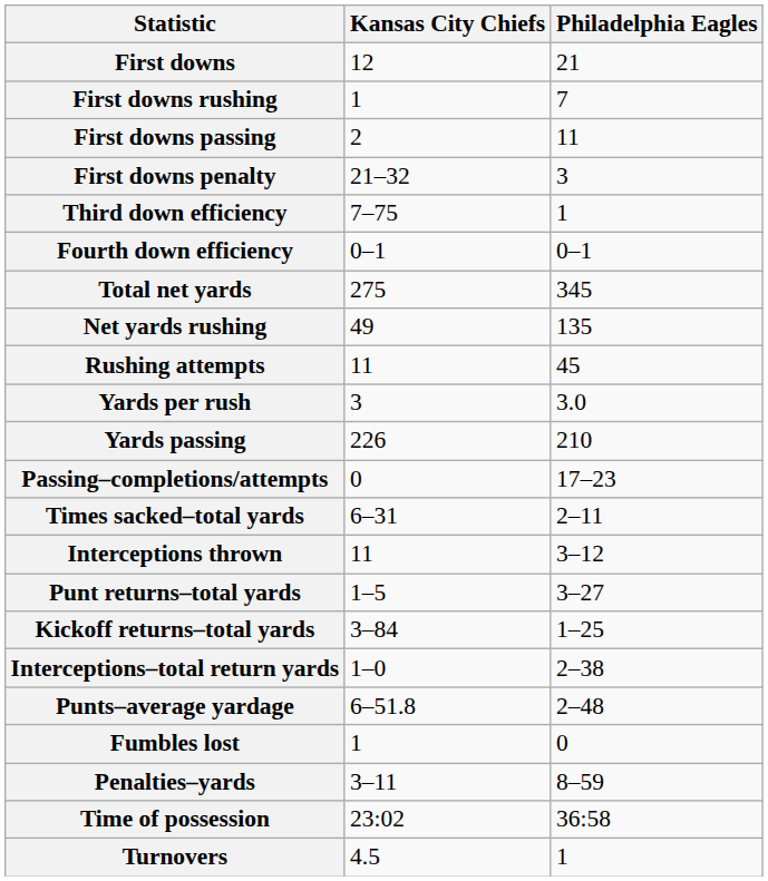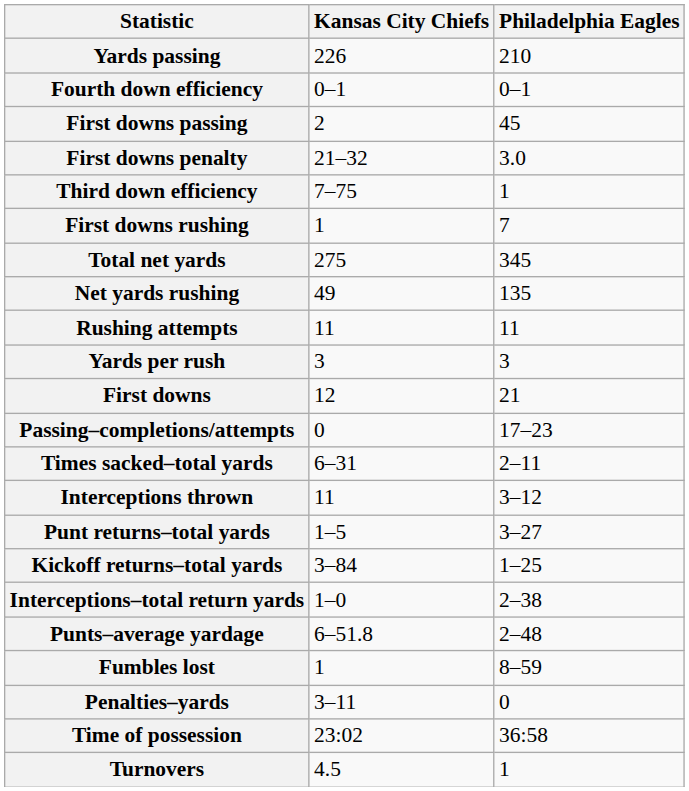 <table class="wikitable plainrowheaders">
 <tr>
 <th scope="col">Statistic</th>
 <th scope="col">Kansas City Chiefs</th>
 <th scope="col">Philadelphia Eagles</th>
 </tr>
 <tr>
-<th scope="row">First downs</th>
-<td>12</td>
-<td>21</td>
+<th scope="row">Yards passing</th>
+<td>226</td>
+<td>210</td>
 </tr>
 <tr>
-<th scope="row">First downs rushing</th>
-<td>1</td>
-<td>7</td>
+<th scope="row">Fourth down efficiency</th>
+<td>0–1</td>
+<td>0–1</td>
 </tr>
 <tr>
 <th scope="row">First downs passing</th>
 <td>2</td>
-<td>11</td>
+<td>45</td>
 </tr>
 <tr>
 <th scope="row">First downs penalty</th>
 <td>21–32</td>
-<td>3</td>
+<td>3.0</td>
 </tr>
 <tr>
 <th scope="row">Third down efficiency</th>
 <td>7–75</td>
 <td>1</td>
 </tr>
 <tr>
-<th scope="row">Fourth down efficiency</th>
-<td>0–1</td>
-<td>0–1</td>
+<th scope="row">First downs rushing</th>
+<td>1</td>
+<td>7</td>
 </tr>
 <tr>
 <th scope="row">Total net yards</th>
 <td>275</td>
 <td>345</td>
 </tr>
 <tr>
 <th scope="row">Net yards rushing</th>
 <td>49</td>
 <td>135</td>
 </tr>
 <tr>
 <th scope="row">Rushing attempts</th>
 <td>11</td>
-<td>45</td>
+<td>11</td>
 </tr>
 <tr>
 <th scope="row">Yards per rush</th>
 <td>3</td>
-<td>3.0</td>
+<td>3</td>
 </tr>
 <tr>
-<th scope="row">Yards passing</th>
-<td>226</td>
-<td>210</td>
+<th scope="row">First downs</th>
+<td>12</td>
+<td>21</td>
 </tr>
 <tr>
 <th scope="row">Passing–completions/attempts</th>
 <td>0</td>
 <td>17–23</td>
 </tr>
 <tr>
 <th scope="row">Times sacked–total yards</th>
 <td>6–31</td>
 <td>2–11</td>
 </tr>
 <tr>
 <th scope="row">Interceptions thrown</th>
 <td>11</td>
 <td>3–12</td>
 </tr>
 <tr>
 <th scope="row">Punt returns–total yards</th>
 <td>1–5</td>
 <td>3–27</td>
 </tr>
 <tr>
 <th scope="row">Kickoff returns–total yards</th>
 <td>3–84</td>
 <td>1–25</td>
 </tr>
 <tr>
 <th scope="row">Interceptions–total return yards</th>
 <td>1–0</td>
 <td>2–38</td>
 </tr>
 <tr>
 <th scope="row">Punts–average yardage</th>
 <td>6–51.8</td>
 <td>2–48</td>
 </tr>
 <tr>
 <th scope="row">Fumbles lost</th>
 <td>1</td>
-<td>0</td>
+<td>8–59</td>
 </tr>
 <tr>
 <th scope="row">Penalties–yards</th>
 <td>3–11</td>
-<td>8–59</td>
+<td>0</td>
 </tr>
 <tr>
 <th scope="row">Time of possession</th>
 <td>23:02</td>
 <td>36:58</td>
 </tr>
 <tr>
 <th scope="row">Turnovers</th>
 <td>4.5</td>
 <td>1</td>
 </tr>
 </table>
